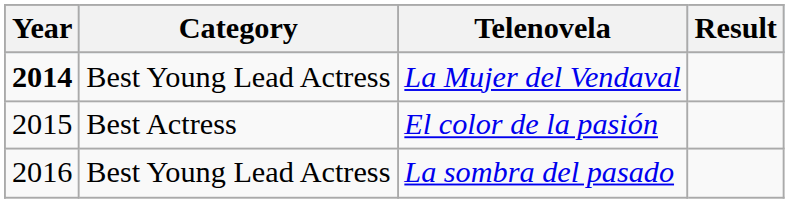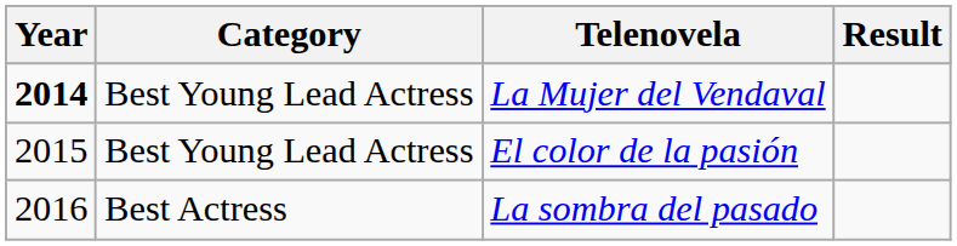 <table class="wikitable">
 <tr style="background:#b0c4de;">
 <th>Year</th>
 <th>Category</th>
 <th>Telenovela</th>
 <th>Result</th>
 </tr>
 <tr>
 <td><strong>2014</strong></td>
 <td>Best Young Lead Actress</td>
 <td><em><a href='#'>La Mujer del Vendaval</a></em></td>
 <td></td>
 </tr>
 <tr>
 <td>2015</td>
-<td>Best Actress</td>
+<td>Best Young Lead Actress</td>
 <td><em><a href='#'>El color de la pasión</a></em></td>
 <td></td>
 </tr>
 <tr>
 <td>2016</td>
-<td>Best Young Lead Actress</td>
+<td>Best Actress</td>
 <td><em><a href='#'>La sombra del pasado</a></em></td>
 <td></td>
 </tr>
 </table>
